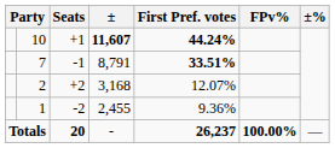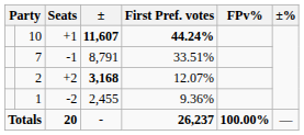 <table class=wikitable>
 <tr>
 <th colspan=2 align=center>Party</th>
 <th valign=top>Seats</th>
 <th valign=top>±</th>
 <th valign=top>First Pref. votes</th>
 <th valign=top>FPv%</th>
 <th valign=top>±%</th>
 </tr>
 <tr>
 <td></td>
 <td align=right>10</td>
 <td align=right>+1</td>
 <td align=right><strong>11,607</strong></td>
 <td align=right><strong>44.24%</strong></td>
 <td align=right></td>
 </tr>
 <tr>
 <td></td>
 <td align=right>7</td>
 <td align=right>-1</td>
 <td align=right>8,791</td>
-<td align=right><strong>33.51%</strong></td>
+<td align=right>33.51%</td>
 <td align=right></td>
 </tr>
 <tr>
 <td></td>
 <td align=right>2</td>
 <td align=right>+2</td>
-<td align=right>3,168</td>
+<td align=right><strong>3,168</strong></td>
 <td align=right>12.07%</td>
 <td align=right></td>
 </tr>
 <tr>
 <td></td>
 <td align=right>1</td>
 <td align=right>-2</td>
 <td align=right>2,455</td>
 <td align=right>9.36%</td>
 <td align=right></td>
 </tr>
 <tr>
 <td colspan=2 align=center><strong>Totals</strong></td>
 <td align=right><strong>20</strong></td>
 <td align=center>-</td>
 <td align=right><strong>26,237</strong></td>
 <td align=center><strong>100.00%</strong></td>
 <td align=center>—</td>
 </tr>
 </table>
